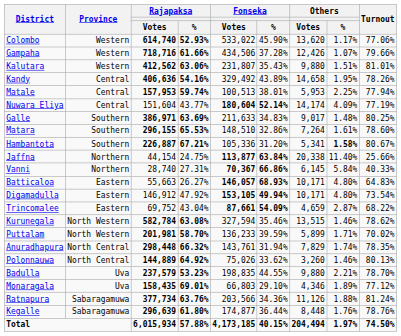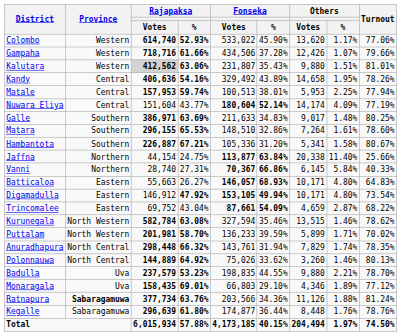 <table class="wikitable sortable" style="text-align:right;">
 <tr>
 <th rowspan=3><a href='#'>District</a></th>
 <th rowspan=3><a href='#'>Province</a></th>
 <th colspan=2><a href='#'>Rajapaksa</a></th>
 <th colspan=2><a href='#'>Fonseka</a></th>
 <th colspan=2>Others</th>
 <th rowspan=3>Turnout</th>
 </tr>
 <tr>
 <th colspan=2 style="background:"></th>
 <th colspan=2 style="background:"></th>
 <th colspan=2></th>
 </tr>
 <tr>
 <th>Votes</th>
 <th align=center>%</th>
 <th>Votes</th>
 <th align=center>%</th>
 <th>Votes</th>
 <th align=center>%</th>
 </tr>
 <tr>
 <td style="text-align:left;"><a href='#'>Colombo</a></td>
 <td>Western</td>
 <td><strong>614,740</strong></td>
 <td><strong>52.93%</strong></td>
 <td>533,022</td>
 <td>45.90%</td>
 <td>13,620</td>
 <td>1.17%</td>
 <td>77.06%</td>
 </tr>
 <tr>
 <td style="text-align:left;"><a href='#'>Gampaha</a></td>
 <td>Western</td>
 <td><strong>718,716</strong></td>
 <td><strong>61.66%</strong></td>
 <td>434,506</td>
 <td>37.28%</td>
 <td>12,426</td>
 <td>1.07%</td>
 <td>79.66%</td>
 </tr>
 <tr>
 <td style="text-align:left;"><a href='#'>Kalutara</a></td>
 <td>Western</td>
-<td><strong>412,562</strong></td>
+<td style="background: lightgrey;"><strong>412,562</strong></td>
 <td><strong>63.06%</strong></td>
 <td>231,807</td>
 <td>35.43%</td>
 <td>9,880</td>
 <td>1.51%</td>
 <td>81.01%</td>
 </tr>
 <tr>
 <td style="text-align:left;"><a href='#'>Kandy</a></td>
 <td>Central</td>
 <td><strong>406,636</strong></td>
 <td><strong>54.16%</strong></td>
 <td>329,492</td>
 <td>43.89%</td>
 <td>14,658</td>
 <td>1.95%</td>
 <td>78.26%</td>
 </tr>
 <tr>
 <td style="text-align:left;"><a href='#'>Matale</a></td>
 <td>Central</td>
 <td><strong>157,953</strong></td>
 <td><strong>59.74%</strong></td>
 <td>100,513</td>
 <td>38.01%</td>
 <td>5,953</td>
 <td>2.25%</td>
 <td>77.94%</td>
 </tr>
 <tr>
 <td style="text-align:left;"><a href='#'>Nuwara Eliya</a></td>
 <td>Central</td>
 <td>151,604</td>
 <td>43.77%</td>
 <td><strong>180,604</strong></td>
 <td><strong>52.14%</strong></td>
 <td>14,174</td>
 <td>4.09%</td>
 <td>77.19%</td>
 </tr>
 <tr>
 <td style="text-align:left;"><a href='#'>Galle</a></td>
 <td>Southern</td>
 <td><strong>386,971</strong></td>
 <td><strong>63.69%</strong></td>
 <td>211,633</td>
 <td>34.83%</td>
 <td>9,017</td>
 <td>1.48%</td>
 <td>80.25%</td>
 </tr>
 <tr>
 <td style="text-align:left;"><a href='#'>Matara</a></td>
 <td>Southern</td>
 <td><strong>296,155</strong></td>
 <td><strong>65.53%</strong></td>
 <td>148,510</td>
 <td>32.86%</td>
 <td>7,264</td>
 <td>1.61%</td>
 <td>78.60%</td>
 </tr>
 <tr>
 <td style="text-align:left;"><a href='#'>Hambantota</a></td>
 <td>Southern</td>
 <td><strong>226,887</strong></td>
 <td><strong>67.21%</strong></td>
 <td>105,336</td>
 <td>31.20%</td>
 <td>5,341</td>
-<td><strong>1.58%</strong></td>
+<td>1.58%</td>
 <td>80.67%</td>
 </tr>
 <tr>
 <td style="text-align:left;"><a href='#'>Jaffna</a></td>
 <td>Northern</td>
 <td>44,154</td>
 <td>24.75%</td>
 <td><strong>113,877</strong></td>
 <td><strong>63.84%</strong></td>
 <td>20,338</td>
 <td>11.40%</td>
 <td>25.66%</td>
 </tr>
 <tr>
 <td style="text-align:left;"><a href='#'>Vanni</a></td>
 <td>Northern</td>
 <td>28,740</td>
 <td>27.31%</td>
 <td><strong>70,367</strong></td>
 <td><strong>66.86%</strong></td>
 <td>6,145</td>
 <td>5.84%</td>
 <td>40.33%</td>
 </tr>
 <tr>
 <td style="text-align:left;"><a href='#'>Batticaloa</a></td>
 <td>Eastern</td>
 <td>55,663</td>
 <td>26.27%</td>
 <td><strong>146,057</strong></td>
 <td><strong>68.93%</strong></td>
 <td>10,171</td>
 <td>4.80%</td>
 <td>64.83%</td>
 </tr>
 <tr>
 <td style="text-align:left;"><a href='#'>Digamadulla</a></td>
 <td>Eastern</td>
 <td>146,912</td>
-<td>47.92%</td>
+<td><strong>47.92%</strong></td>
 <td><strong>153,105</strong></td>
 <td><strong>49.94%</strong></td>
 <td>10,171</td>
 <td>4.80%</td>
 <td>73.54%</td>
 </tr>
 <tr>
 <td style="text-align:left;"><a href='#'>Trincomalee</a></td>
 <td>Eastern</td>
 <td>69,752</td>
 <td>43.04%</td>
 <td><strong>87,661</strong></td>
 <td><strong>54.09%</strong></td>
 <td>4,659</td>
 <td>2.87%</td>
 <td>68.22%</td>
 </tr>
 <tr>
 <td style="text-align:left;"><a href='#'>Kurunegala</a></td>
 <td>North Western</td>
 <td><strong>582,784</strong></td>
 <td><strong>63.08%</strong></td>
 <td>327,594</td>
 <td>35.46%</td>
 <td>13,515</td>
 <td>1.46%</td>
 <td>78.62%</td>
 </tr>
 <tr>
 <td style="text-align:left;"><a href='#'>Puttalam</a></td>
 <td>North Western</td>
 <td><strong>201,981</strong></td>
 <td><strong>58.70%</strong></td>
 <td>136,233</td>
 <td>39.59%</td>
 <td>5,899</td>
 <td>1.71%</td>
 <td>70.02%</td>
 </tr>
 <tr>
 <td style="text-align:left;"><a href='#'>Anuradhapura</a></td>
 <td>North Central</td>
 <td><strong>298,448</strong></td>
 <td><strong>66.32%</strong></td>
 <td>143,761</td>
 <td>31.94%</td>
 <td>7,829</td>
 <td>1.74%</td>
 <td>78.35%</td>
 </tr>
 <tr>
 <td style="text-align:left;"><a href='#'>Polonnauwa</a></td>
 <td>North Central</td>
 <td><strong>144,889</strong></td>
 <td><strong>64.92%</strong></td>
 <td>75,026</td>
 <td>33.62%</td>
 <td>3,260</td>
 <td>1.46%</td>
 <td>80.13%</td>
 </tr>
 <tr>
 <td style="text-align:left;"><a href='#'>Badulla</a></td>
 <td>Uva</td>
 <td><strong>237,579</strong></td>
 <td><strong>53.23%</strong></td>
 <td>198,835</td>
 <td>44.55%</td>
 <td>9,880</td>
 <td>2.21%</td>
 <td>78.70%</td>
 </tr>
 <tr>
 <td style="text-align:left;"><a href='#'>Monaragala</a></td>
 <td>Uva</td>
 <td><strong>158,435</strong></td>
 <td><strong>69.01%</strong></td>
 <td>66,803</td>
 <td>29.10%</td>
 <td>4,346</td>
 <td>1.89%</td>
 <td>77.12%</td>
 </tr>
 <tr>
 <td style="text-align:left;"><a href='#'>Ratnapura</a></td>
-<td>Sabaragamuwa</td>
+<td><strong>Sabaragamuwa</strong></td>
 <td><strong>377,734</strong></td>
 <td><strong>63.76%</strong></td>
 <td>203,566</td>
 <td>34.36%</td>
 <td>11,126</td>
 <td>1.88%</td>
 <td>81.24%</td>
 </tr>
 <tr>
 <td style="text-align:left;"><a href='#'>Kegalle</a></td>
 <td>Sabaragamuwa</td>
 <td><strong>296,639</strong></td>
 <td><strong>61.80%</strong></td>
 <td>174,877</td>
 <td>36.44%</td>
 <td>8,448</td>
 <td>1.76%</td>
 <td>78.76%</td>
 </tr>
 <tr class="sortbottom" style="font-weight:bold">
 <td colspan=2 align=left>Total</td>
 <td>6,015,934</td>
 <td>57.88%</td>
 <td>4,173,185</td>
 <td>40.15%</td>
 <td>204,494</td>
 <td>1.97%</td>
 <td>74.50%</td>
 </tr>
 </table>
